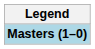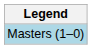 <table class="wikitable">
 <tr>
 <th>Legend</th>
 </tr>
 <tr style="background:lightblue;">
-<td><strong>Masters (1–0)</strong></td>
+<td>Masters (1–0)</td>
 </tr>
 </table>
